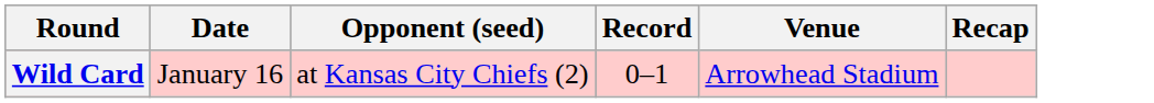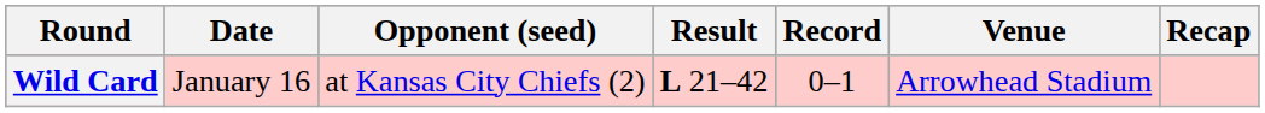 <table class="wikitable" style="text-align:center">
 <tr>
 <th>Round</th>
 <th>Date</th>
 <th>Opponent (seed)</th>
+<th>Result</th>
 <th>Record</th>
 <th>Venue</th>
 <th>Recap</th>
 </tr>
 <tr style="background:#fcc">
 <th><a href='#'>Wild Card</a></th>
 <td>January 16</td>
 <td>at <a href='#'>Kansas City Chiefs</a> (2)</td>
+<td><strong>L</strong> 21–42</td>
 <td>0–1</td>
 <td><a href='#'>Arrowhead Stadium</a></td>
 <td></td>
 </tr>
 </table>
